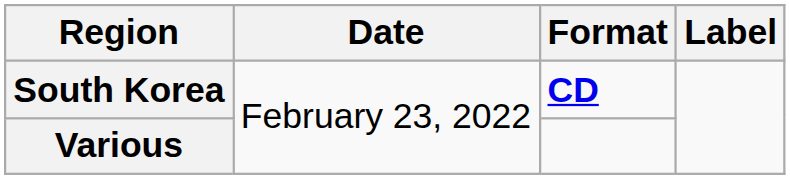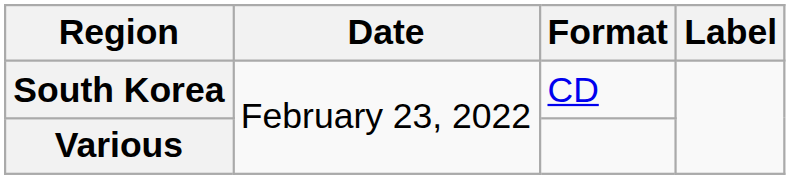 <table class="wikitable plainrowheaders">
 <tr>
 <th scope="col">Region</th>
 <th scope="col">Date</th>
 <th scope="col">Format</th>
 <th scope="col">Label</th>
 </tr>
 <tr>
 <th scope="row">South Korea</th>
 <td rowspan="2">February 23, 2022</td>
-<td><strong><a href='#'>CD</a></strong></td>
+<td><a href='#'>CD</a></td>
 <td rowspan="2"></td>
 </tr>
 <tr>
 <th scope="row">Various </th>
 <td></td>
 </tr>
 </table>
